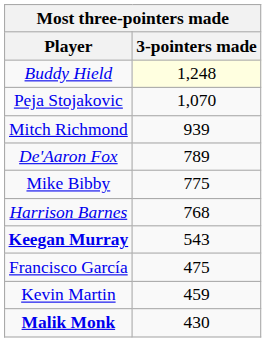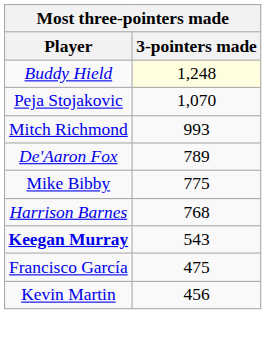 <table class="wikitable sortable" style="text-align:center">
 <tr>
 <th colspan="2" style="text-align:center; ">Most three-pointers made</th>
 </tr>
 <tr>
 <th style="text-align:center; ">Player</th>
 <th style="text-align:center; ">3-pointers made</th>
 </tr>
 <tr>
 <td><em><a href='#'>Buddy Hield</a></em></td>
 <td style="background: lightyellow;">1,248</td>
 </tr>
 <tr>
 <td><a href='#'>Peja Stojakovic</a></td>
 <td>1,070</td>
 </tr>
 <tr>
 <td><a href='#'>Mitch Richmond</a></td>
-<td>939</td>
+<td>993</td>
 </tr>
 <tr>
 <td><em><a href='#'>De'Aaron Fox</a></em></td>
 <td>789</td>
 </tr>
 <tr>
 <td><a href='#'>Mike Bibby</a></td>
 <td>775</td>
 </tr>
 <tr>
 <td><em><a href='#'>Harrison Barnes</a></em></td>
 <td>768</td>
 </tr>
 <tr>
 <td><strong><a href='#'>Keegan Murray</a></strong></td>
 <td>543</td>
 </tr>
 <tr>
 <td><a href='#'>Francisco García</a></td>
 <td>475</td>
 </tr>
 <tr>
 <td><a href='#'>Kevin Martin</a></td>
-<td>459</td>
-</tr>
-<tr>
-<td><strong><a href='#'>Malik Monk</a></strong></td>
-<td>430</td>
+<td>456</td>
 </tr>
 </table>
